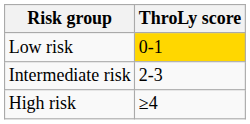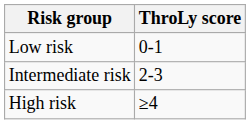 <table class="wikitable">
 <tr>
 <th>Risk group</th>
 <th>ThroLy score</th>
 </tr>
 <tr>
 <td>Low risk</td>
-<td style="background: gold;">0-1</td>
+<td>0-1</td>
 </tr>
 <tr>
 <td>Intermediate risk</td>
 <td>2-3</td>
 </tr>
 <tr>
 <td>High risk</td>
 <td>≥4</td>
 </tr>
 </table>
